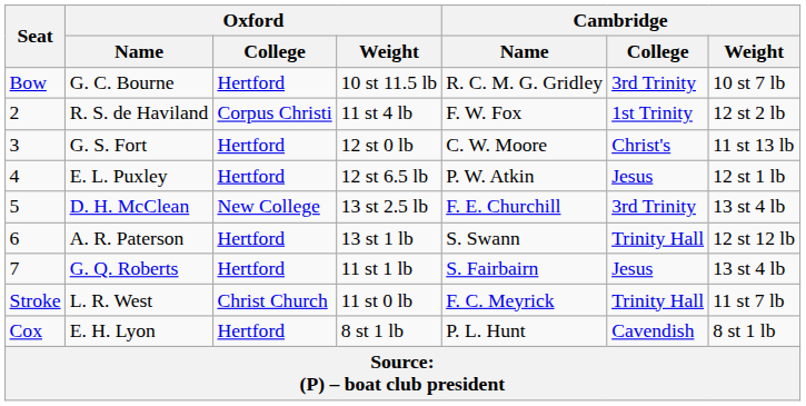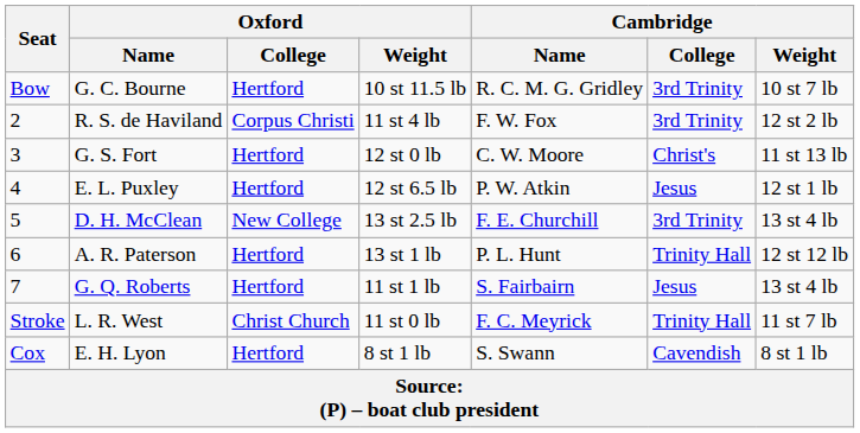 <table class="wikitable">
 <tr>
 <th rowspan="2" scope="col">Seat</th>
 <th colspan="3" scope="col">Oxford <br> </th>
 <th colspan="3" scope="col">Cambridge <br> </th>
 </tr>
 <tr>
 <th>Name</th>
 <th>College</th>
 <th>Weight</th>
 <th>Name</th>
 <th>College</th>
 <th>Weight</th>
 </tr>
 <tr>
 <td><a href='#'>Bow</a></td>
 <td>G. C. Bourne</td>
 <td><a href='#'>Hertford</a></td>
 <td>10 st 11.5 lb</td>
 <td>R. C. M. G. Gridley</td>
 <td><a href='#'>3rd Trinity</a></td>
 <td>10 st 7 lb</td>
 </tr>
 <tr>
 <td>2</td>
 <td>R. S. de Haviland</td>
 <td><a href='#'>Corpus Christi</a></td>
 <td>11 st 4 lb</td>
 <td>F. W. Fox</td>
-<td><a href='#'>1st Trinity</a></td>
+<td><a href='#'>3rd Trinity</a></td>
 <td>12 st 2 lb</td>
 </tr>
 <tr>
 <td>3</td>
 <td>G. S. Fort</td>
 <td><a href='#'>Hertford</a></td>
 <td>12 st 0 lb</td>
 <td>C. W. Moore</td>
 <td><a href='#'>Christ's</a></td>
 <td>11 st 13 lb</td>
 </tr>
 <tr>
 <td>4</td>
 <td>E. L. Puxley</td>
 <td><a href='#'>Hertford</a></td>
 <td>12 st 6.5 lb</td>
 <td>P. W. Atkin</td>
 <td><a href='#'>Jesus</a></td>
 <td>12 st 1 lb</td>
 </tr>
 <tr>
 <td>5</td>
 <td><a href='#'>D. H. McClean</a></td>
 <td><a href='#'>New College</a></td>
 <td>13 st 2.5 lb</td>
 <td><a href='#'>F. E. Churchill</a></td>
 <td><a href='#'>3rd Trinity</a></td>
 <td>13 st 4 lb</td>
 </tr>
 <tr>
 <td>6</td>
 <td>A. R. Paterson</td>
 <td><a href='#'>Hertford</a></td>
 <td>13 st 1 lb</td>
-<td>S. Swann</td>
+<td>P. L. Hunt</td>
 <td><a href='#'>Trinity Hall</a></td>
 <td>12 st 12 lb</td>
 </tr>
 <tr>
 <td>7</td>
 <td><a href='#'>G. Q. Roberts</a></td>
 <td><a href='#'>Hertford</a></td>
 <td>11 st 1 lb</td>
 <td><a href='#'>S. Fairbairn</a></td>
 <td><a href='#'>Jesus</a></td>
 <td>13 st 4 lb</td>
 </tr>
 <tr>
 <td><a href='#'>Stroke</a></td>
 <td>L. R. West</td>
 <td><a href='#'>Christ Church</a></td>
 <td>11 st 0 lb</td>
 <td><a href='#'>F. C. Meyrick</a></td>
 <td><a href='#'>Trinity Hall</a></td>
 <td>11 st 7 lb</td>
 </tr>
 <tr>
 <td><a href='#'>Cox</a></td>
 <td>E. H. Lyon</td>
 <td><a href='#'>Hertford</a></td>
 <td>8 st 1 lb</td>
-<td>P. L. Hunt</td>
+<td>S. Swann</td>
 <td><a href='#'>Cavendish</a></td>
 <td>8 st 1 lb</td>
 </tr>
 <tr>
 <th colspan="7">Source:<br>(P) – boat club president</th>
 </tr>
 </table>
